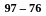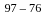 <table style="text-align:center">
 <tr>
 <th width=200></th>
 <th width=100></th>
 <th width=200></th>
 <th></th>
 </tr>
 <tr>
 <td align=right><strong></strong></td>
-<td><strong>97 – 76</strong></td>
+<td>97 – 76</td>
 <td align=left></td>
 </tr>
 </table>
